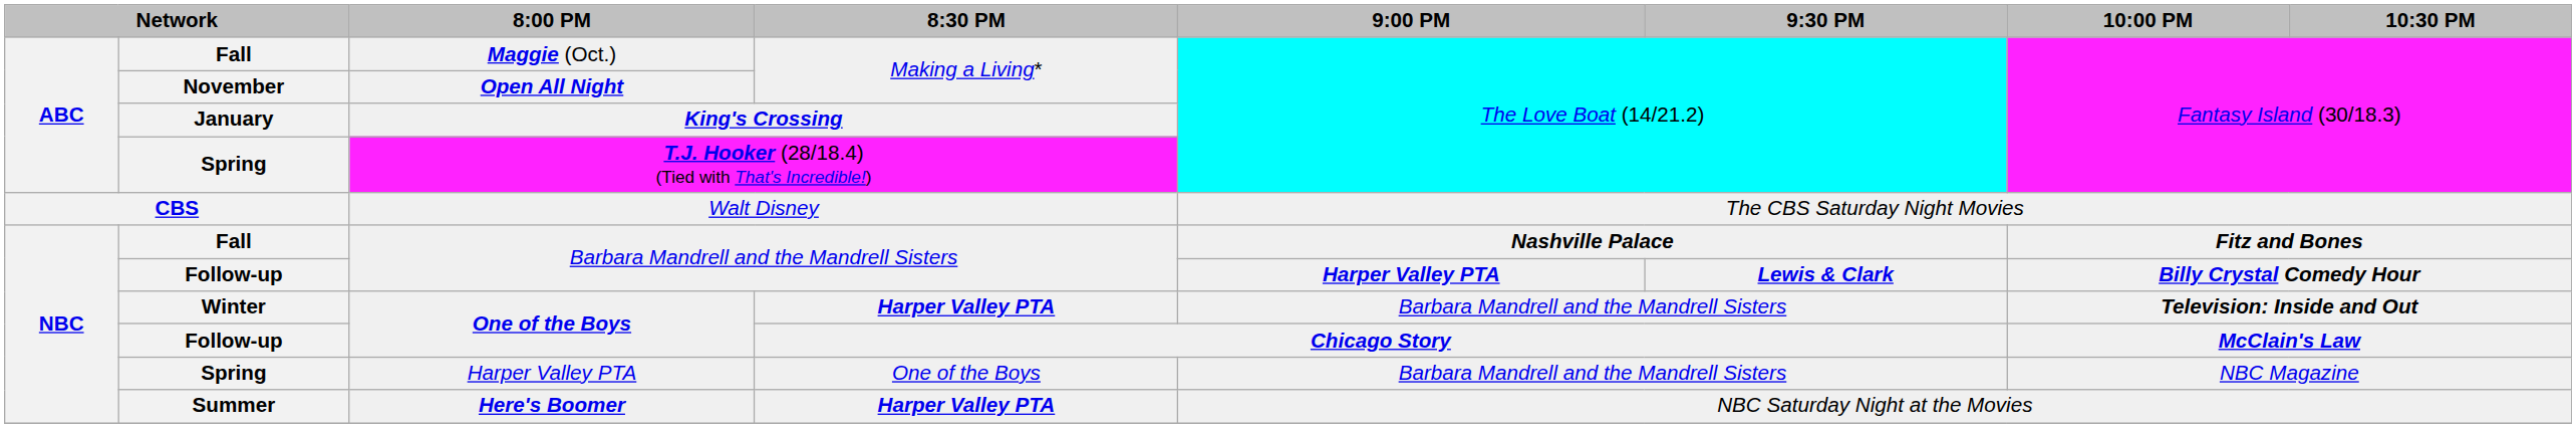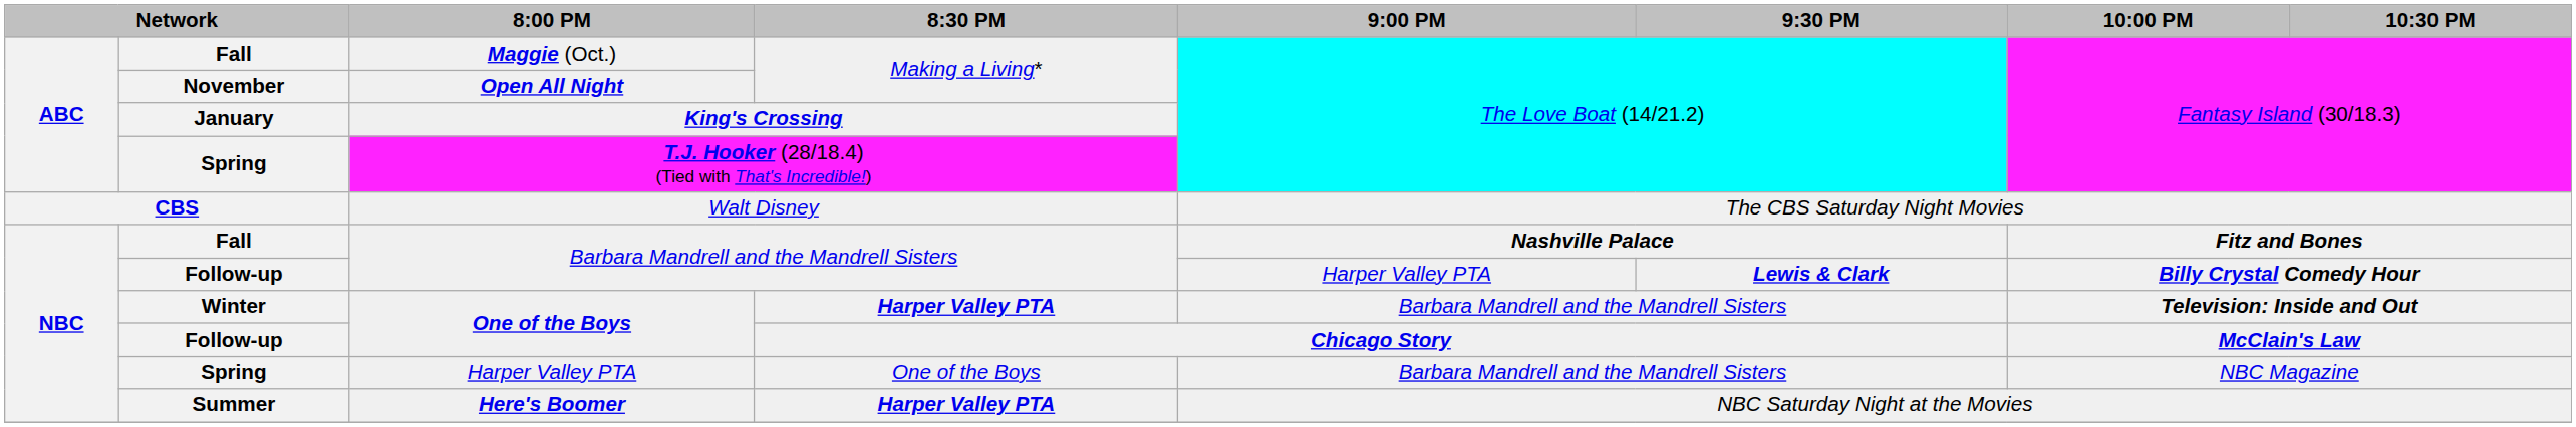 <table class="wikitable plainrowheaders" style="width:100%; margin:auto; text-align:center;">
 <tr>
 <th colspan="2" style="background-color:#C0C0C0;text-align:center">Network</th>
 <th style="background-color:#C0C0C0;text-align:center">8:00 PM</th>
 <th style="background-color:#C0C0C0;text-align:center">8:30 PM</th>
 <th style="background-color:#C0C0C0;text-align:center">9:00 PM</th>
 <th style="background-color:#C0C0C0;text-align:center">9:30 PM</th>
 <th style="background-color:#C0C0C0;text-align:center">10:00 PM</th>
 <th style="background-color:#C0C0C0;text-align:center">10:30 PM</th>
 </tr>
 <tr>
 <th bgcolor="#C0C0C0" rowspan="4"><a href='#'>ABC</a></th>
 <th>Fall</th>
 <td bgcolor="#F0F0F0"><strong><em><a href='#'>Maggie</a></em></strong> (Oct.)</td>
 <td bgcolor="#F0F0F0" rowspan="2"><em><a href='#'>Making a Living</a></em>*</td>
 <td bgcolor="#00FFFF" colspan="2" rowspan="4"><em><a href='#'>The Love Boat</a></em> (14/21.2)</td>
 <td bgcolor="#FF22FF" colspan="2" rowspan="4"><em><a href='#'>Fantasy Island</a></em> (30/18.3)</td>
 </tr>
 <tr>
 <th>November</th>
 <td bgcolor="#F0F0F0"><strong><em><a href='#'>Open All Night</a></em></strong></td>
 </tr>
 <tr>
 <th>January</th>
 <td bgcolor="#F0F0F0" colspan="2"><strong><em><a href='#'>King's Crossing</a></em></strong></td>
 </tr>
 <tr>
 <th>Spring</th>
 <td bgcolor="#FF22FF" colspan="2"><strong><em><a href='#'>T.J. Hooker</a></em></strong> (28/18.4)<br><small>(Tied with <em><a href='#'>That's Incredible!</a></em>)</small></td>
 </tr>
 <tr>
 <th bgcolor="#C0C0C0" colspan="2"><a href='#'>CBS</a></th>
 <td bgcolor="#F0F0F0" colspan="2"><em><a href='#'>Walt Disney</a></em></td>
 <td bgcolor="#F0F0F0" colspan="4"><em>The CBS Saturday Night Movies</em></td>
 </tr>
 <tr>
 <th bgcolor="#C0C0C0" rowspan="6"><a href='#'>NBC</a></th>
 <th>Fall</th>
 <td bgcolor="#F0F0F0" colspan="2" rowspan="2"><em><a href='#'>Barbara Mandrell and the Mandrell Sisters</a></em></td>
 <td bgcolor="#F0F0F0" colspan="2"><strong><em>Nashville Palace</em></strong></td>
 <td bgcolor="#F0F0F0" colspan="2"><strong><em>Fitz and Bones</em></strong></td>
 </tr>
 <tr>
 <th>Follow-up</th>
-<td bgcolor="#F0F0F0"><strong><em><a href='#'>Harper Valley PTA</a></em></strong></td>
+<td bgcolor="#F0F0F0"><em><a href='#'>Harper Valley PTA</a></em></td>
 <td bgcolor="#F0F0F0"><strong><em><a href='#'>Lewis & Clark</a></em></strong></td>
 <td bgcolor="#F0F0F0" colspan="2"><strong><em><a href='#'>Billy Crystal</a> Comedy Hour</em></strong></td>
 </tr>
 <tr>
 <th>Winter</th>
 <td bgcolor="#F0F0F0" rowspan="2"><strong><em><a href='#'>One of the Boys</a></em></strong></td>
 <td bgcolor="#F0F0F0"><strong><em><a href='#'>Harper Valley PTA</a></em></strong></td>
 <td bgcolor="#F0F0F0" colspan="2"><em><a href='#'>Barbara Mandrell and the Mandrell Sisters</a></em></td>
 <td bgcolor="#F0F0F0" colspan="2"><strong><em>Television: Inside and Out</em></strong></td>
 </tr>
 <tr>
 <th>Follow-up</th>
 <td bgcolor="#F0F0F0" colspan="3"><strong><em><a href='#'>Chicago Story</a></em></strong></td>
 <td bgcolor="#F0F0F0" colspan="2"><strong><em><a href='#'>McClain's Law</a></em></strong></td>
 </tr>
 <tr>
 <th>Spring</th>
 <td bgcolor="#F0F0F0"><em><a href='#'>Harper Valley PTA</a></em></td>
 <td bgcolor="#F0F0F0"><em><a href='#'>One of the Boys</a></em></td>
 <td bgcolor="#F0F0F0" colspan="2"><em><a href='#'>Barbara Mandrell and the Mandrell Sisters</a></em></td>
 <td bgcolor="#F0F0F0" colspan="2"><em><a href='#'>NBC Magazine</a></em></td>
 </tr>
 <tr>
 <th>Summer</th>
 <td bgcolor="#F0F0F0"><strong><em><a href='#'>Here's Boomer</a></em></strong></td>
 <td bgcolor="#F0F0F0"><strong><em><a href='#'>Harper Valley PTA</a></em></strong></td>
 <td bgcolor="#F0F0F0" colspan="4"><em>NBC Saturday Night at the Movies</em></td>
 </tr>
 <tr>
 </tr>
 </table>
